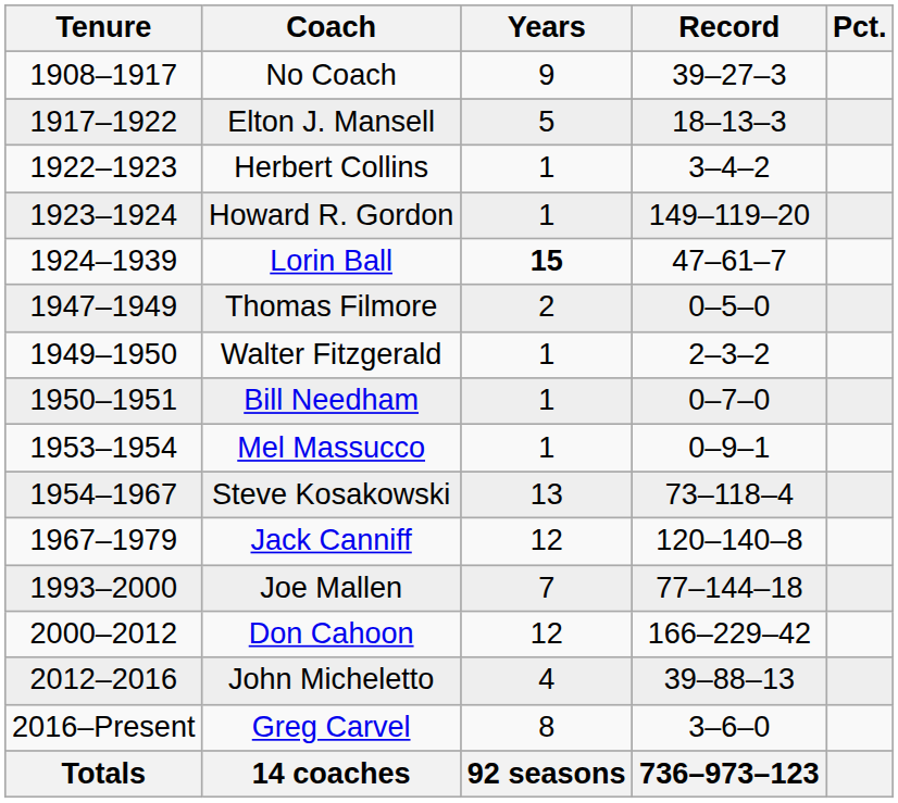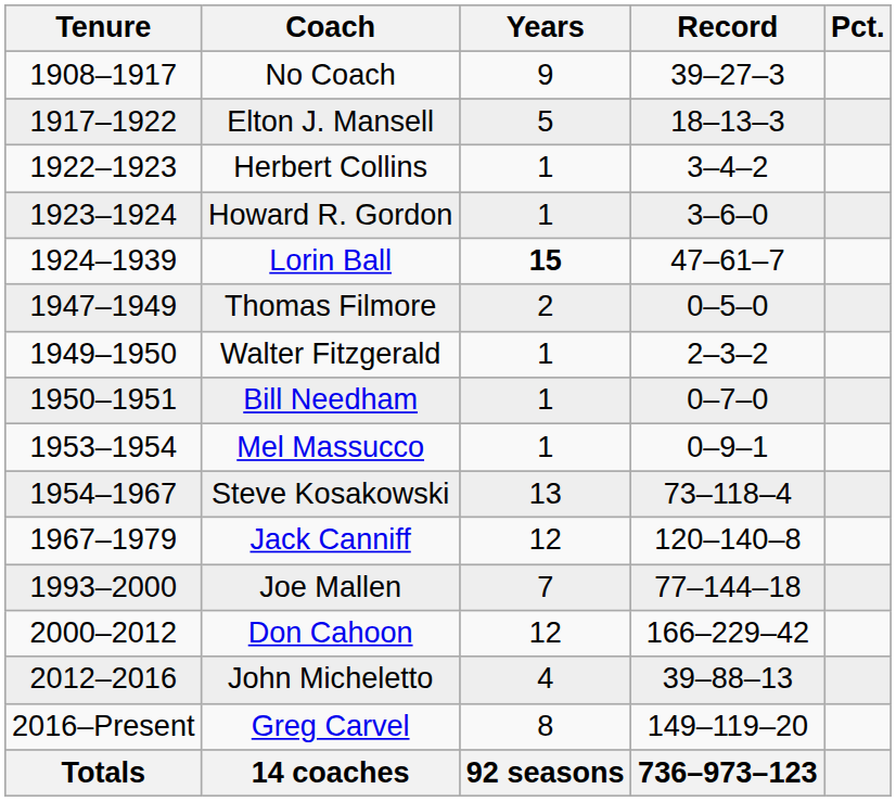 <table class = wikitable>
 <tr>
 <th>Tenure</th>
 <th>Coach</th>
 <th>Years</th>
 <th>Record</th>
 <th>Pct.</th>
 </tr>
 <tr align="center">
 <td>1908–1917</td>
 <td>No Coach</td>
 <td>9</td>
 <td>39–27–3</td>
 <td></td>
 </tr>
 <tr align="center" bgcolor=#eeeeee>
 <td>1917–1922</td>
 <td>Elton J. Mansell</td>
 <td>5</td>
 <td>18–13–3</td>
 <td></td>
 </tr>
 <tr align="center">
 <td>1922–1923</td>
 <td>Herbert Collins</td>
 <td>1</td>
 <td>3–4–2</td>
 <td></td>
 </tr>
 <tr align="center" bgcolor=#eeeeee>
 <td>1923–1924</td>
 <td>Howard R. Gordon</td>
 <td>1</td>
-<td>149–119–20</td>
+<td>3–6–0</td>
 <td></td>
 </tr>
 <tr align="center">
 <td>1924–1939</td>
 <td><a href='#'>Lorin Ball</a></td>
 <td><strong>15</strong></td>
 <td>47–61–7</td>
 <td></td>
 </tr>
 <tr align="center" bgcolor=#eeeeee>
 <td>1947–1949</td>
 <td>Thomas Filmore</td>
 <td>2</td>
 <td>0–5–0</td>
 <td></td>
 </tr>
 <tr align="center">
 <td>1949–1950</td>
 <td>Walter Fitzgerald</td>
 <td>1</td>
 <td>2–3–2</td>
 <td></td>
 </tr>
 <tr align="center" bgcolor=#eeeeee>
 <td>1950–1951</td>
 <td><a href='#'>Bill Needham</a></td>
 <td>1</td>
 <td>0–7–0</td>
 <td></td>
 </tr>
 <tr align="center">
 <td>1953–1954</td>
 <td><a href='#'>Mel Massucco</a></td>
 <td>1</td>
 <td>0–9–1</td>
 <td></td>
 </tr>
 <tr align="center" bgcolor=#eeeeee>
 <td>1954–1967</td>
 <td>Steve Kosakowski</td>
 <td>13</td>
 <td>73–118–4</td>
 <td></td>
 </tr>
 <tr align="center">
 <td>1967–1979</td>
 <td><a href='#'>Jack Canniff</a></td>
 <td>12</td>
 <td>120–140–8</td>
 <td></td>
 </tr>
 <tr align="center" bgcolor=#eeeeee>
 <td>1993–2000</td>
 <td>Joe Mallen</td>
 <td>7</td>
 <td>77–144–18</td>
 <td></td>
 </tr>
 <tr align="center">
 <td>2000–2012</td>
 <td><a href='#'>Don Cahoon</a></td>
 <td>12</td>
 <td>166–229–42</td>
 <td></td>
 </tr>
 <tr align="center" bgcolor=#eeeeee>
 <td>2012–2016</td>
 <td>John Micheletto</td>
 <td>4</td>
 <td>39–88–13</td>
 <td></td>
 </tr>
 <tr align="center">
 <td>2016–Present</td>
 <td><a href='#'>Greg Carvel</a></td>
 <td>8</td>
-<td>3–6–0</td>
+<td>149–119–20</td>
 <td></td>
 </tr>
 <tr align=center>
 <th>Totals</th>
 <th>14 coaches</th>
 <th>92 seasons</th>
 <th>736–973–123</th>
 <th></th>
 </tr>
 </table>
